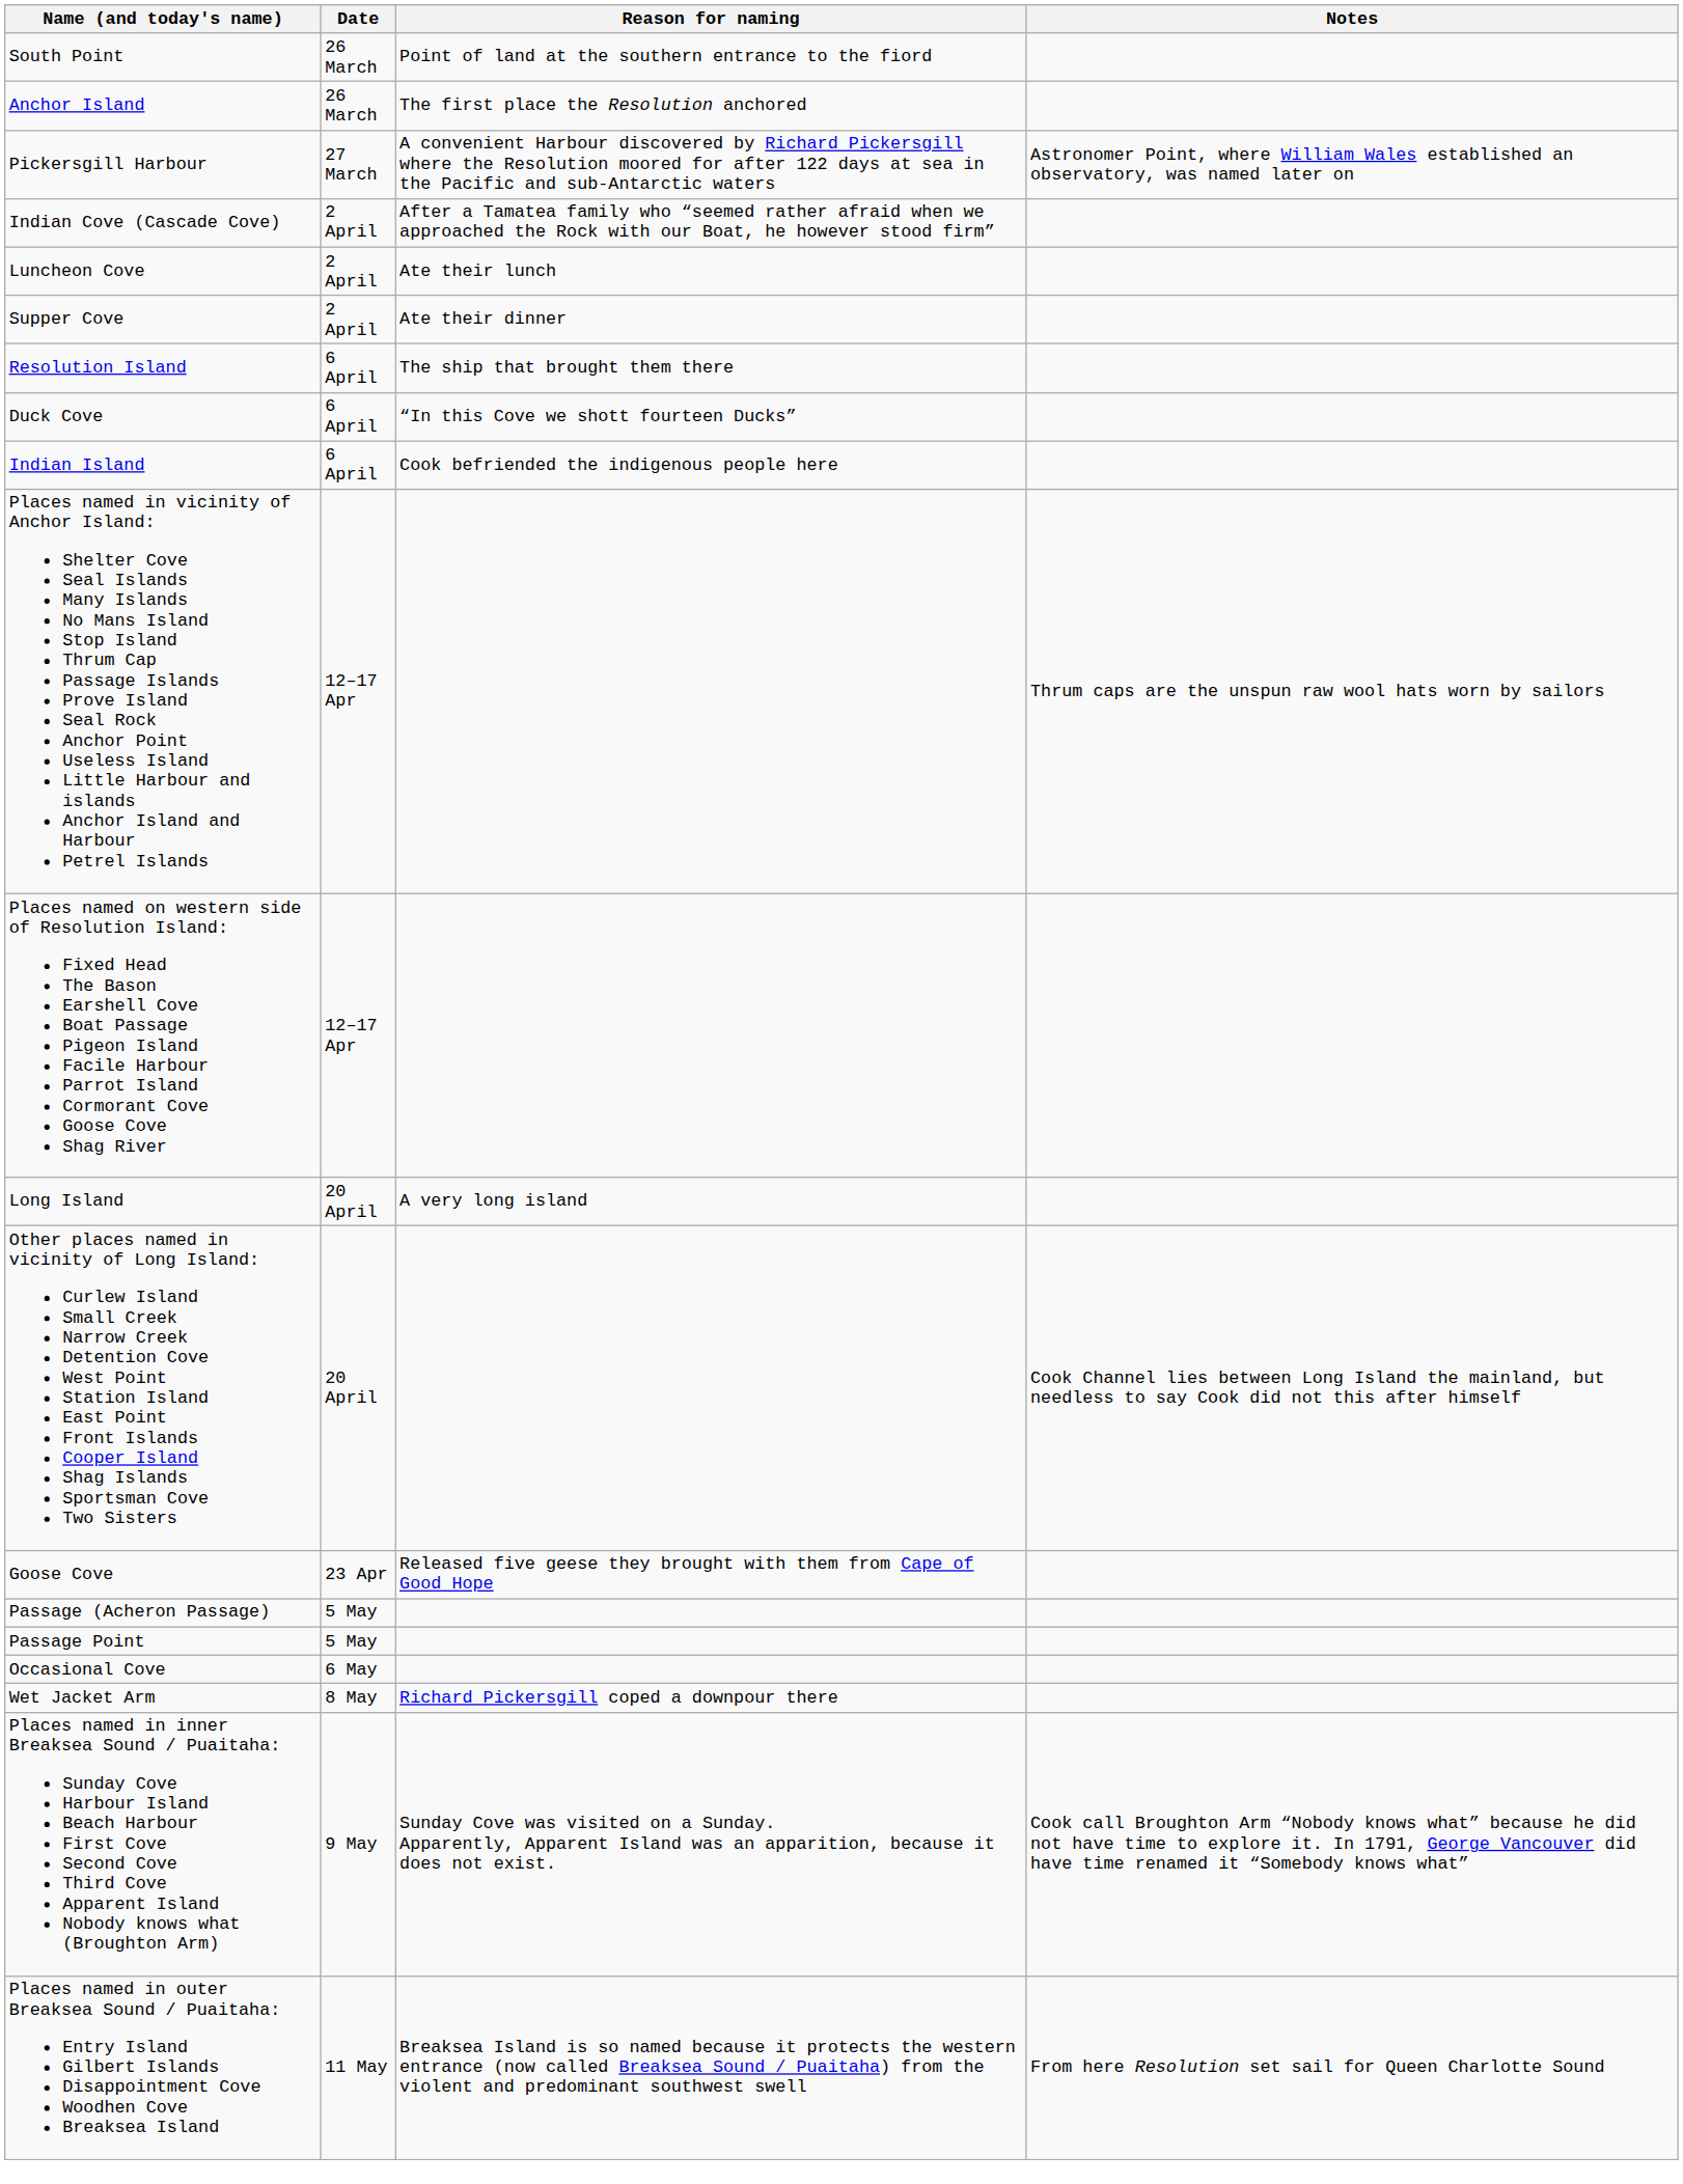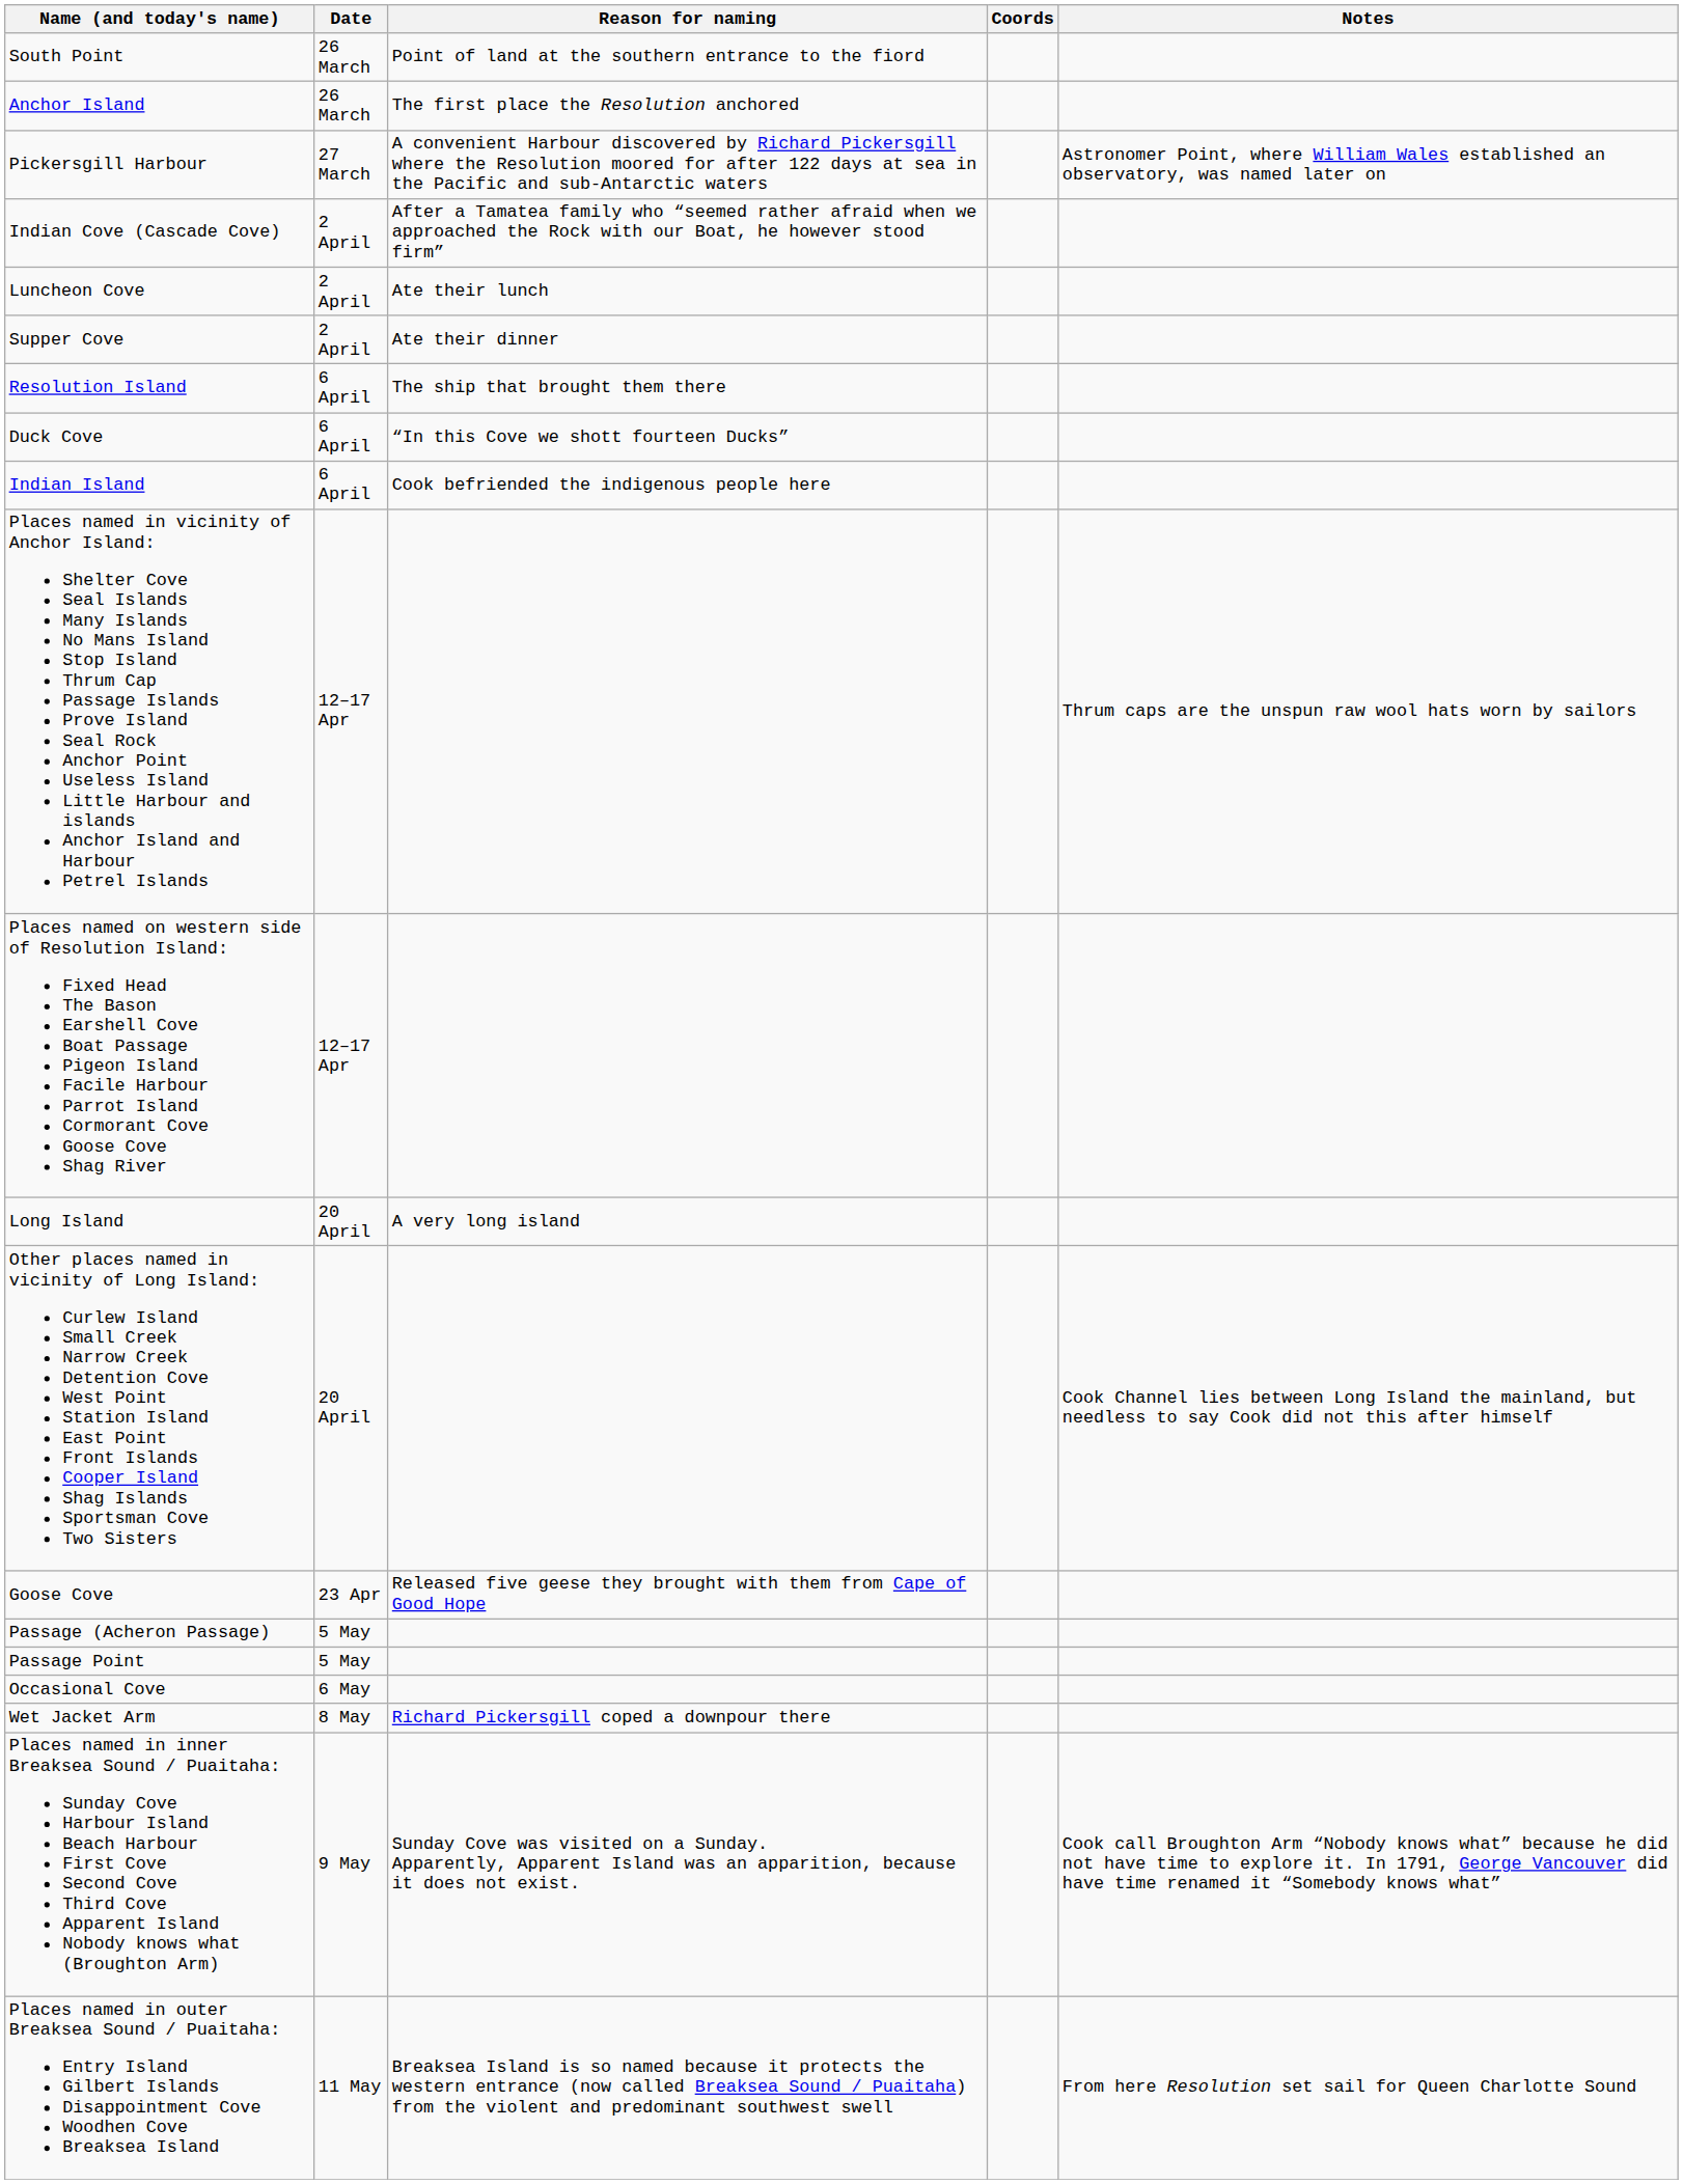 <table class="wikitable sortable">
 <tr>
 <th>Name (and today's name)</th>
 <th>Date</th>
 <th>Reason for naming</th>
+<th>Coords</th>
 <th>Notes</th>
 </tr>
 <tr>
 <td>South Point</td>
 <td>26 March</td>
 <td>Point of land at the southern entrance to the fiord</td>
 <td></td>
+<td></td>
 </tr>
 <tr>
 <td><a href='#'>Anchor Island</a></td>
 <td>26 March</td>
 <td>The first place the <em>Resolution</em> anchored</td>
 <td></td>
+<td></td>
 </tr>
 <tr>
 <td>Pickersgill Harbour</td>
 <td>27 March</td>
 <td>A convenient Harbour discovered by <a href='#'>Richard Pickersgill</a> where the Resolution moored for after 122 days at sea in the Pacific and sub-Antarctic waters</td>
+<td></td>
 <td>Astronomer Point, where <a href='#'>William Wales</a> established an observatory, was named later on</td>
 </tr>
 <tr>
 <td>Indian Cove (Cascade Cove)</td>
 <td>2 April</td>
 <td>After a Tamatea family who “seemed rather afraid when we approached the Rock with our Boat, he however stood firm”</td>
 <td></td>
+<td></td>
 </tr>
 <tr>
 <td>Luncheon Cove</td>
 <td>2 April</td>
 <td>Ate their lunch</td>
+<td></td>
 <td></td>
 </tr>
 <tr>
 <td>Supper Cove</td>
 <td>2 April</td>
 <td>Ate their dinner</td>
 <td></td>
+<td></td>
 </tr>
 <tr>
 <td><a href='#'>Resolution Island</a></td>
 <td>6 April</td>
 <td>The ship that brought them there</td>
+<td></td>
 <td></td>
 </tr>
 <tr>
 <td>Duck Cove</td>
 <td>6 April</td>
 <td>“In this Cove we shott fourteen Ducks”</td>
 <td></td>
+<td></td>
 </tr>
 <tr>
 <td><a href='#'>Indian Island</a></td>
 <td>6 April</td>
 <td>Cook befriended the indigenous people here</td>
 <td></td>
+<td></td>
 </tr>
 <tr>
 <td>Places named in vicinity of Anchor Island:<br><ul><li>Shelter Cove</li><li>Seal Islands</li><li>Many Islands</li><li>No Mans Island</li><li>Stop Island</li><li>Thrum Cap</li><li>Passage Islands</li><li>Prove Island</li><li>Seal Rock</li><li>Anchor Point</li><li>Useless Island</li><li>Little Harbour and islands</li><li>Anchor Island and Harbour</li><li>Petrel Islands</li></ul></td>
 <td>12–17 Apr</td>
+<td></td>
 <td></td>
 <td>Thrum caps are the unspun raw wool hats worn by sailors</td>
 </tr>
 <tr>
 <td>Places named on western side of Resolution Island:<br><ul><li>Fixed Head</li><li>The Bason</li><li>Earshell Cove</li><li>Boat Passage</li><li>Pigeon Island</li><li>Facile Harbour</li><li>Parrot Island</li><li>Cormorant Cove</li><li>Goose Cove</li><li>Shag River</li></ul></td>
 <td>12–17 Apr</td>
 <td></td>
 <td></td>
+<td></td>
 </tr>
 <tr>
 <td>Long Island</td>
 <td>20 April</td>
 <td>A very long island</td>
 <td></td>
+<td></td>
 </tr>
 <tr>
 <td>Other places named in vicinity of Long Island:<br><ul><li>Curlew Island</li><li>Small Creek</li><li>Narrow Creek</li><li>Detention Cove</li><li>West Point</li><li>Station Island</li><li>East Point</li><li>Front Islands</li><li><a href='#'>Cooper Island</a></li><li>Shag Islands</li><li>Sportsman Cove</li><li>Two Sisters</li></ul></td>
 <td>20 April</td>
+<td></td>
 <td></td>
 <td>Cook Channel lies between Long Island the mainland, but needless to say Cook did not this after himself</td>
 </tr>
 <tr>
 <td>Goose Cove</td>
 <td>23 Apr</td>
 <td>Released five geese they brought with them from <a href='#'>Cape of Good Hope</a></td>
 <td></td>
+<td></td>
 </tr>
 <tr>
 <td>Passage (Acheron Passage)</td>
 <td>5 May</td>
+<td></td>
 <td></td>
 <td></td>
 </tr>
 <tr>
 <td>Passage Point</td>
 <td>5 May</td>
 <td></td>
 <td></td>
+<td></td>
 </tr>
 <tr>
 <td>Occasional Cove</td>
 <td>6 May</td>
+<td></td>
 <td></td>
 <td></td>
 </tr>
 <tr>
 <td>Wet Jacket Arm</td>
 <td>8 May</td>
 <td><a href='#'>Richard Pickersgill</a> coped a downpour there</td>
 <td></td>
+<td></td>
 </tr>
 <tr>
 <td>Places named in inner Breaksea Sound / Puaitaha:<br><ul><li>Sunday Cove</li><li>Harbour Island</li><li>Beach Harbour</li><li>First Cove</li><li>Second Cove</li><li>Third Cove</li><li>Apparent Island</li><li>Nobody knows what (Broughton Arm)</li></ul></td>
 <td>9 May</td>
 <td>Sunday Cove was visited on a Sunday.<br>Apparently, Apparent Island was an apparition, because it does not exist. <br></td>
+<td></td>
 <td>Cook call Broughton Arm “Nobody knows what” because he did not have time to explore it. In 1791, <a href='#'>George Vancouver</a> did have time renamed it “Somebody knows what”</td>
 </tr>
 <tr>
 <td>Places named in outer Breaksea Sound / Puaitaha:<br><ul><li>Entry Island</li><li>Gilbert Islands</li><li>Disappointment Cove</li><li>Woodhen Cove</li><li>Breaksea Island</li></ul></td>
 <td>11 May</td>
 <td>Breaksea Island is so named because it protects the western entrance (now called <a href='#'>Breaksea Sound / Puaitaha</a>) from the violent and predominant southwest swell</td>
+<td></td>
 <td>From here <em>Resolution</em> set sail for Queen Charlotte Sound</td>
 </tr>
 </table>
